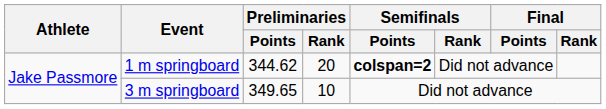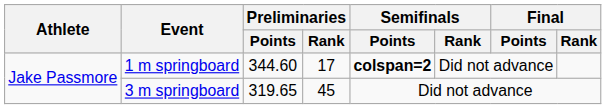 <table class="wikitable" style="text-align:center; font-size:90%;">
 <tr>
 <th rowspan=2>Athlete</th>
 <th rowspan=2>Event</th>
 <th colspan=2>Preliminaries</th>
 <th colspan=2>Semifinals</th>
 <th colspan=2>Final</th>
 </tr>
 <tr style="font-size:95%">
 <th>Points</th>
 <th>Rank</th>
 <th>Points</th>
 <th>Rank</th>
 <th>Points</th>
 <th>Rank</th>
 </tr>
 <tr>
 <td align=left rowspan=2><a href='#'>Jake Passmore</a></td>
 <td align=left><a href='#'>1 m springboard</a></td>
-<td>344.62</td>
-<td>20</td>
+<td>344.60</td>
+<td>17</td>
 <td><strong>colspan=2 </strong></td>
 <td colspan=2>Did not advance</td>
 </tr>
 <tr>
 <td align=left><a href='#'>3 m springboard</a></td>
-<td>349.65</td>
-<td>10</td>
+<td>319.65</td>
+<td>45</td>
 <td colspan=4>Did not advance</td>
 </tr>
 </table>
